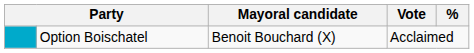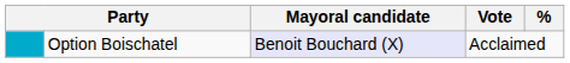 <table class="wikitable">
 <tr>
 <th bgcolor="#DDDDFF" width="230px" colspan="2">Party</th>
 <th bgcolor="#DDDDFF" width="200px">Mayoral candidate</th>
 <th bgcolor="#DDDDFF" width="50px">Vote</th>
 <th bgcolor="#DDDDFF" width="30px">%</th>
 </tr>
 <tr>
 <td bgcolor=#00AACB width="30px"> </td>
 <td>Option Boischatel</td>
-<td>Benoit Bouchard (X)</td>
+<td style="background: lavender;">Benoit Bouchard (X)</td>
 <td colspan="2">Acclaimed</td>
 </tr>
 </table>
